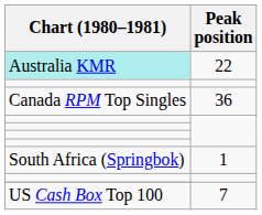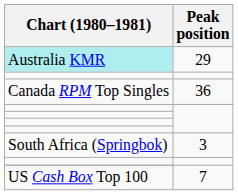 <table class="wikitable sortable">
 <tr>
 <th>Chart (1980–1981)</th>
 <th>Peak<br>position</th>
 </tr>
 <tr>
 <td style="background: paleturquoise;">Australia <a href='#'>KMR</a></td>
-<td style="text-align:center;">22</td>
+<td style="text-align:center;">29</td>
 </tr>
 <tr>
 <td></td>
 </tr>
 <tr>
 <td>Canada <em><a href='#'>RPM</a></em> Top Singles</td>
 <td style="text-align:center;">36</td>
 </tr>
 <tr>
 <td></td>
 </tr>
 <tr>
 <td></td>
 </tr>
 <tr>
 <td></td>
 </tr>
 <tr>
 <td></td>
 </tr>
 <tr>
 <td>South Africa (<a href='#'>Springbok</a>)</td>
-<td align="center">1</td>
+<td align="center">3</td>
 </tr>
 <tr>
 <td></td>
 </tr>
 <tr>
 </tr>
 <tr>
 </tr>
 <tr>
 </tr>
 <tr>
 <td>US <a href='#'><em>Cash Box</em></a> Top 100</td>
 <td align="center">7</td>
 </tr>
 </table>
